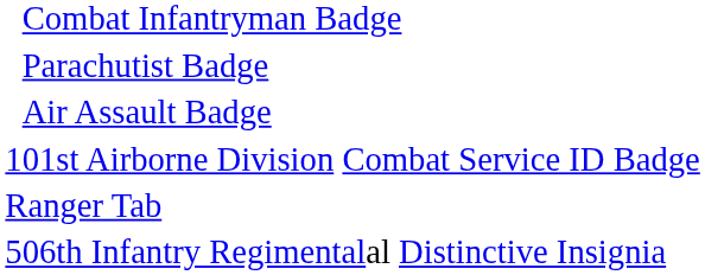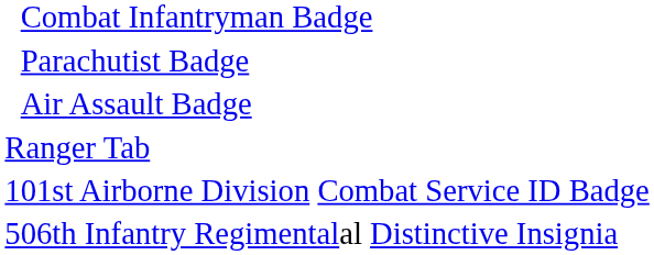 <table>
 <tr>
 <td>  <a href='#'>Combat Infantryman Badge</a></td>
 </tr>
 <tr>
 <td>  <a href='#'>Parachutist Badge</a></td>
 </tr>
 <tr>
 <td>  <a href='#'>Air Assault Badge</a></td>
 </tr>
 <tr>
-<td> <a href='#'>101st Airborne Division</a> <a href='#'>Combat Service ID Badge</a></td>
+<td> <a href='#'>Ranger Tab</a></td>
 </tr>
 <tr>
-<td> <a href='#'>Ranger Tab</a></td>
+<td> <a href='#'>101st Airborne Division</a> <a href='#'>Combat Service ID Badge</a></td>
 </tr>
 <tr>
 <td> <a href='#'>506th Infantry Regimental</a>al <a href='#'>Distinctive Insignia</a></td>
 </tr>
 </table>
